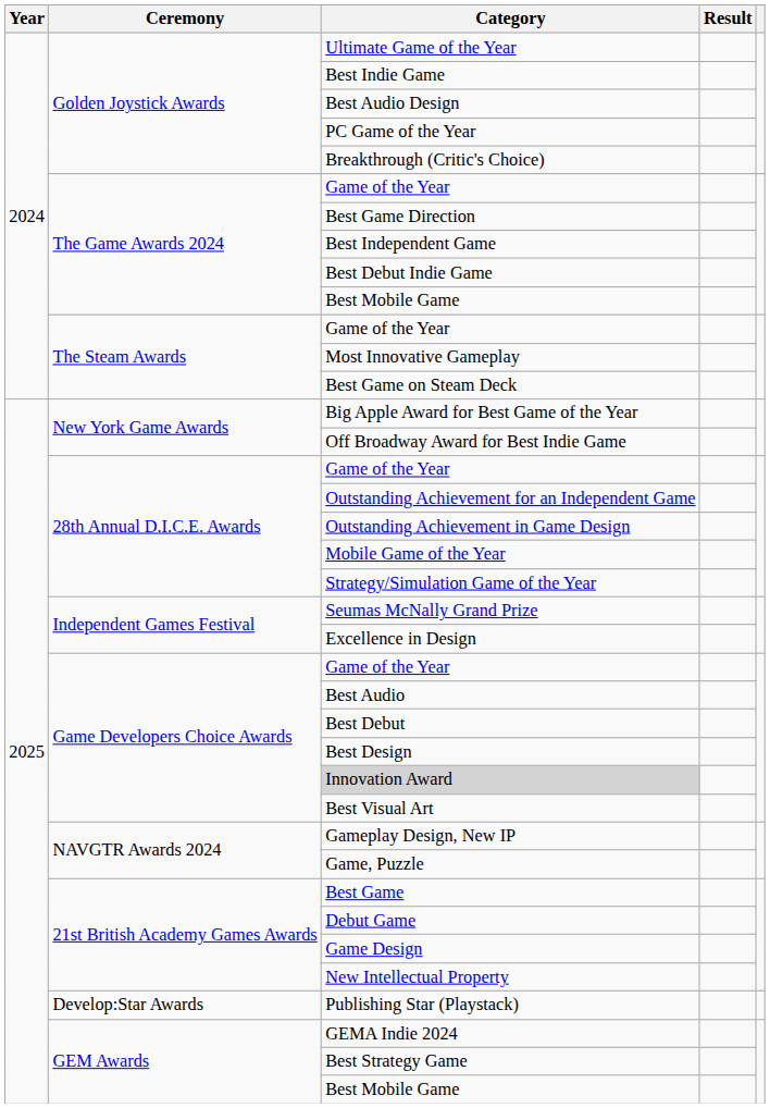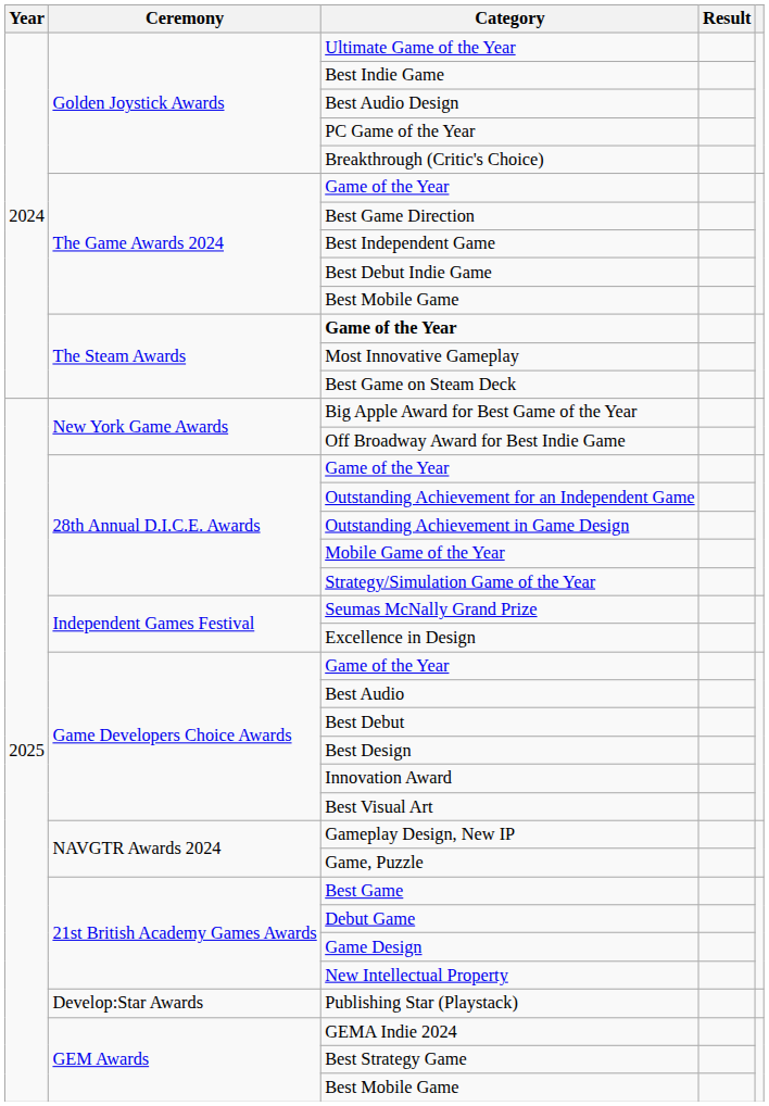 <table class="wikitable plainrowheaders sortable" width="auto">
 <tr>
 <th scope="col">Year</th>
 <th scope="col">Ceremony</th>
 <th scope="col">Category</th>
 <th scope="col">Result</th>
 <th scope="col" class="unsortable"></th>
 </tr>
 <tr>
 <td rowspan="13" style="text-align:center;">2024</td>
 <td rowspan="5"><a href='#'>Golden Joystick Awards</a></td>
 <td><a href='#'>Ultimate Game of the Year</a></td>
 <td></td>
 <td rowspan="5" style="text-align:center;"></td>
 </tr>
 <tr>
 <td>Best Indie Game</td>
 <td></td>
 </tr>
 <tr>
 <td>Best Audio Design</td>
 <td></td>
 </tr>
 <tr>
 <td>PC Game of the Year</td>
 <td></td>
 </tr>
 <tr>
 <td>Breakthrough (Critic's Choice)</td>
 <td></td>
 </tr>
 <tr>
 <td rowspan="5"><a href='#'>The Game Awards 2024</a></td>
 <td><a href='#'>Game of the Year</a></td>
 <td></td>
 <td rowspan="5" style="text-align:center;"></td>
 </tr>
 <tr>
 <td>Best Game Direction</td>
 <td></td>
 </tr>
 <tr>
 <td>Best Independent Game</td>
 <td></td>
 </tr>
 <tr>
 <td>Best Debut Indie Game</td>
 <td></td>
 </tr>
 <tr>
 <td>Best Mobile Game</td>
 <td></td>
 </tr>
 <tr>
 <td rowspan="3"><a href='#'>The Steam Awards</a></td>
-<td>Game of the Year</td>
+<td><strong>Game of the Year</strong></td>
 <td></td>
 <td rowspan="3" style="text-align:center;"></td>
 </tr>
 <tr>
 <td>Most Innovative Gameplay</td>
 <td></td>
 </tr>
 <tr>
 <td>Best Game on Steam Deck</td>
 <td></td>
 </tr>
 <tr>
 <td rowspan="26" style="text-align:center;">2025</td>
 <td rowspan="2"><a href='#'>New York Game Awards</a></td>
 <td>Big Apple Award for Best Game of the Year</td>
 <td></td>
 <td rowspan="2" style="text-align: center;"></td>
 </tr>
 <tr>
 <td>Off Broadway Award for Best Indie Game</td>
 <td></td>
 </tr>
 <tr>
 <td rowspan="5"><a href='#'>28th Annual D.I.C.E. Awards</a></td>
 <td><a href='#'>Game of the Year</a></td>
 <td></td>
 <td rowspan="5" style="text-align:center;"></td>
 </tr>
 <tr>
 <td><a href='#'>Outstanding Achievement for an Independent Game</a></td>
 <td></td>
 </tr>
 <tr>
 <td><a href='#'>Outstanding Achievement in Game Design</a></td>
 <td></td>
 </tr>
 <tr>
 <td><a href='#'>Mobile Game of the Year</a></td>
 <td></td>
 </tr>
 <tr>
 <td><a href='#'>Strategy/Simulation Game of the Year</a></td>
 <td></td>
 </tr>
 <tr>
 <td rowspan="2"><a href='#'>Independent Games Festival</a></td>
 <td><a href='#'>Seumas McNally Grand Prize</a></td>
 <td></td>
 <td rowspan="2" style="text-align:center;"></td>
 </tr>
 <tr>
 <td>Excellence in Design</td>
 <td></td>
 </tr>
 <tr>
 <td rowspan="6"><a href='#'>Game Developers Choice Awards</a></td>
 <td><a href='#'>Game of the Year</a></td>
 <td></td>
 <td rowspan="6" style="text-align: center;"></td>
 </tr>
 <tr>
 <td>Best Audio</td>
 <td></td>
 </tr>
 <tr>
 <td>Best Debut</td>
 <td></td>
 </tr>
 <tr>
 <td>Best Design</td>
 <td></td>
 </tr>
 <tr>
-<td style="background: lightgrey;">Innovation Award</td>
+<td>Innovation Award</td>
 <td></td>
 </tr>
 <tr>
 <td>Best Visual Art</td>
 <td></td>
 </tr>
 <tr>
 <td rowspan="2">NAVGTR Awards 2024</td>
 <td>Gameplay Design, New IP</td>
 <td></td>
 <td align="center" rowspan="2"></td>
 </tr>
 <tr>
 <td>Game, Puzzle</td>
 <td></td>
 </tr>
 <tr>
 <td rowspan="4"><a href='#'>21st British Academy Games Awards</a></td>
 <td><a href='#'>Best Game</a></td>
 <td></td>
 <td align="center" rowspan="4"></td>
 </tr>
 <tr>
 <td><a href='#'>Debut Game</a></td>
 <td></td>
 </tr>
 <tr>
 <td><a href='#'>Game Design</a></td>
 <td></td>
 </tr>
 <tr>
 <td><a href='#'>New Intellectual Property</a></td>
 <td></td>
 </tr>
 <tr>
 <td rowspan="1">Develop:Star Awards</td>
 <td>Publishing Star (Playstack)</td>
 <td></td>
 <td align="center" rowspan="1"></td>
 </tr>
 <tr>
 <td rowspan="3"><a href='#'>GEM Awards</a></td>
 <td>GEMA Indie 2024</td>
 <td></td>
 <td align="center" rowspan="3"></td>
 </tr>
 <tr>
 <td>Best Strategy Game</td>
 <td></td>
 </tr>
 <tr>
 <td>Best Mobile Game</td>
 <td></td>
 </tr>
 </table>
